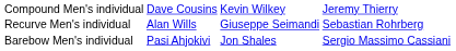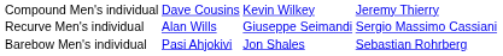 <table>
 <tr>
 <td>Compound Men's individual<br></td>
 <td> <a href='#'>Dave Cousins</a></td>
 <td> <a href='#'>Kevin Wilkey</a></td>
 <td> <a href='#'>Jeremy Thierry</a></td>
 </tr>
 <tr>
 <td>Recurve Men's individual<br></td>
 <td> <a href='#'>Alan Wills</a></td>
 <td> <a href='#'>Giuseppe Seimandi</a></td>
-<td> <a href='#'>Sebastian Rohrberg</a></td>
+<td> <a href='#'>Sergio Massimo Cassiani</a></td>
 </tr>
 <tr>
 <td>Barebow Men's individual<br></td>
 <td> <a href='#'>Pasi Ahjokivi</a></td>
 <td> <a href='#'>Jon Shales</a></td>
-<td> <a href='#'>Sergio Massimo Cassiani</a></td>
+<td> <a href='#'>Sebastian Rohrberg</a></td>
 </tr>
 </table>
